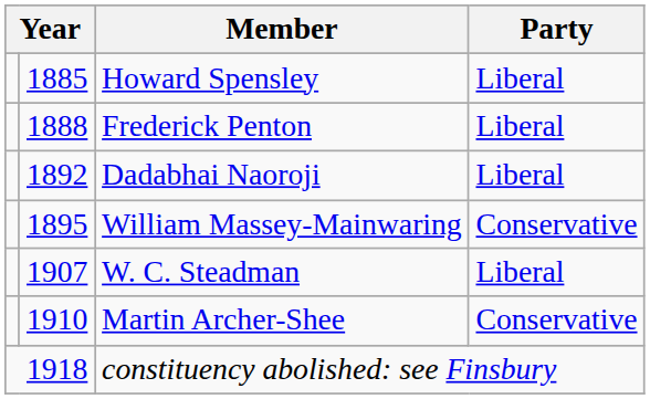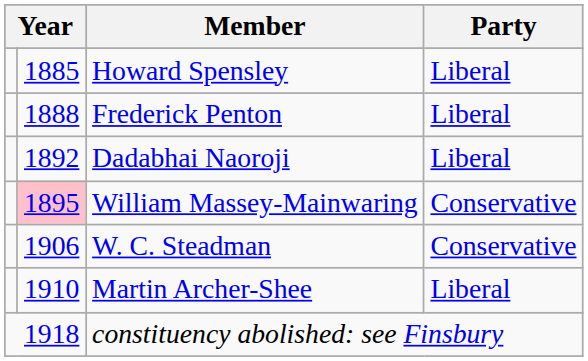 <table class="wikitable">
 <tr>
 <th colspan="2">Year</th>
 <th>Member</th>
 <th>Party</th>
 </tr>
 <tr>
 <td style="color:inherit;background-color: "></td>
 <td><a href='#'>1885</a></td>
 <td><a href='#'>Howard Spensley</a></td>
 <td><a href='#'>Liberal</a></td>
 </tr>
 <tr>
 <td style="color:inherit;background-color: "></td>
 <td><a href='#'>1888</a></td>
 <td><a href='#'>Frederick Penton</a></td>
 <td><a href='#'>Liberal</a></td>
 </tr>
 <tr>
 <td style="color:inherit;background-color: "></td>
 <td><a href='#'>1892</a></td>
 <td><a href='#'>Dadabhai Naoroji</a></td>
 <td><a href='#'>Liberal</a></td>
 </tr>
 <tr>
 <td style="color:inherit;background-color: "></td>
-<td><a href='#'>1895</a></td>
+<td style="background: pink;"><a href='#'>1895</a></td>
 <td><a href='#'>William Massey-Mainwaring</a></td>
 <td><a href='#'>Conservative</a></td>
 </tr>
 <tr>
 <td style="color:inherit;background-color: "></td>
-<td><a href='#'>1907</a></td>
+<td><a href='#'>1906</a></td>
 <td><a href='#'>W. C. Steadman</a></td>
-<td><a href='#'>Liberal</a></td>
+<td><a href='#'>Conservative</a></td>
 </tr>
 <tr>
 <td style="color:inherit;background-color: "></td>
 <td><a href='#'>1910</a></td>
 <td><a href='#'>Martin Archer-Shee</a></td>
-<td><a href='#'>Conservative</a></td>
+<td><a href='#'>Liberal</a></td>
 </tr>
 <tr>
 <td colspan="2" style="text-align:right;"><a href='#'>1918</a></td>
 <td colspan="2"><em>constituency abolished: see <a href='#'>Finsbury</a></em></td>
 </tr>
 </table>
